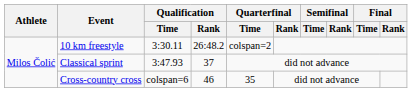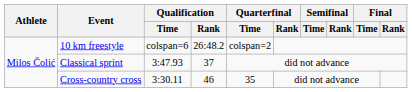 <table class="wikitable" style="font-size:90%">
 <tr>
 <th rowspan="2">Athlete</th>
 <th rowspan="2">Event</th>
 <th colspan="2">Qualification</th>
 <th colspan="2">Quarterfinal</th>
 <th colspan="2">Semifinal</th>
 <th colspan="2">Final</th>
 </tr>
 <tr style="font-size:95%">
 <th>Time</th>
 <th>Rank</th>
 <th>Time</th>
 <th>Rank</th>
 <th>Time</th>
 <th>Rank</th>
 <th>Time</th>
 <th>Rank</th>
 </tr>
 <tr align=center>
 <td align=left rowspan=3><a href='#'>Milos Čolić</a></td>
 <td align=left><a href='#'>10 km freestyle</a></td>
-<td>3:30.11</td>
+<td>colspan=6 </td>
 <td>26:48.2</td>
 <td>colspan=2 </td>
 </tr>
 <tr align=center>
 <td align=left><a href='#'>Classical sprint</a></td>
 <td>3:47.93</td>
 <td>37</td>
 <td colspan=6>did not advance</td>
 </tr>
 <tr align=center>
 <td align=left><a href='#'>Cross-country cross</a></td>
-<td>colspan=6 </td>
+<td>3:30.11</td>
 <td>46</td>
 <td>35</td>
 <td colspan=4>did not advance</td>
 </tr>
 </table>
